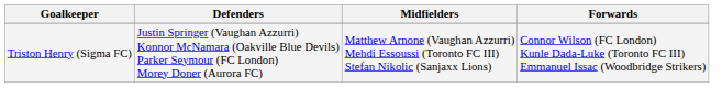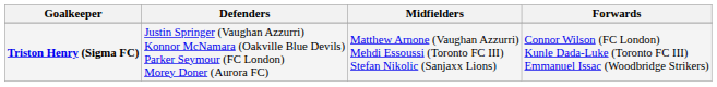 <table class="wikitable">
 <tr style="background:#cccccc;">
 <th>Goalkeeper</th>
 <th>Defenders</th>
 <th>Midfielders</th>
 <th>Forwards</th>
 </tr>
 <tr>
 </tr>
 <tr style="background:#f4f4f4;">
-<td><a href='#'>Triston Henry</a> (Sigma FC)</td>
+<td><strong><a href='#'>Triston Henry</a> (Sigma FC)</strong></td>
 <td><a href='#'>Justin Springer</a> (Vaughan Azzurri)<br><a href='#'>Konnor McNamara</a> (Oakville Blue Devils)<br><a href='#'>Parker Seymour</a> (FC London)<br><a href='#'>Morey Doner</a> (Aurora FC)</td>
 <td><a href='#'>Matthew Arnone</a> (Vaughan Azzurri)<br><a href='#'>Mehdi Essoussi</a> (Toronto FC III)<br><a href='#'>Stefan Nikolic</a> (Sanjaxx Lions)</td>
 <td><a href='#'>Connor Wilson</a> (FC London)<br><a href='#'>Kunle Dada-Luke</a> (Toronto FC III)<br><a href='#'>Emmanuel Issac</a> (Woodbridge Strikers)</td>
 </tr>
 </table>
